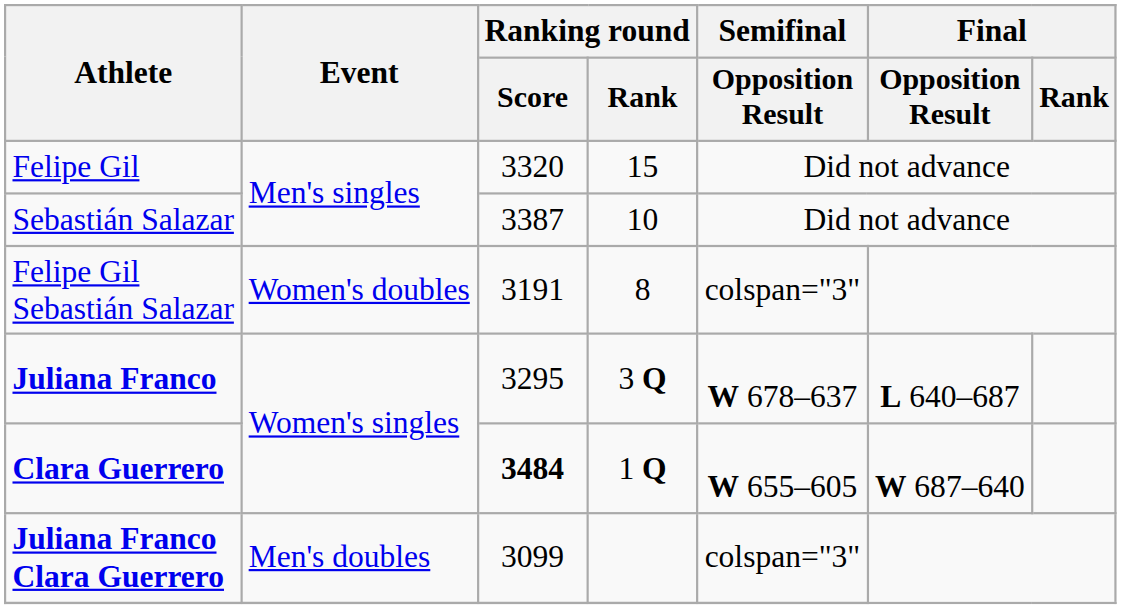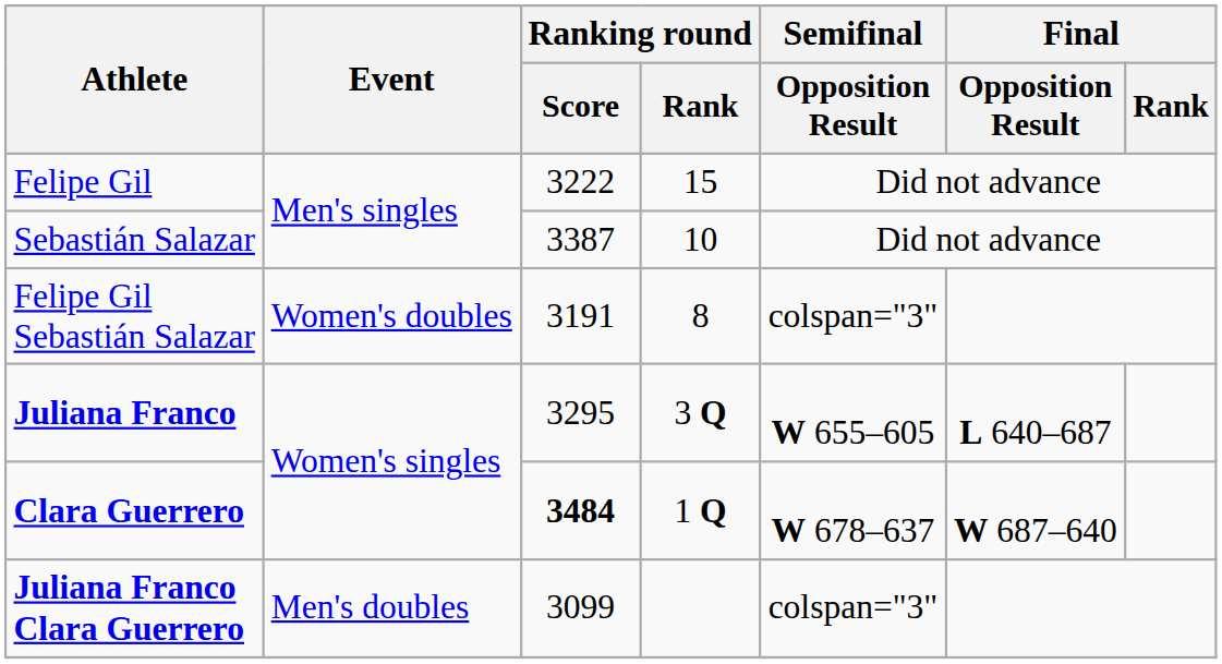 <table class=wikitable style=font-size:90%;text-align:center>
 <tr>
 <th rowspan=2>Athlete</th>
 <th rowspan=2>Event</th>
 <th colspan=2>Ranking round</th>
 <th>Semifinal</th>
 <th colspan=2>Final</th>
 </tr>
 <tr style=font-size:95%>
 <th>Score</th>
 <th>Rank</th>
 <th>Opposition<br>Result</th>
 <th>Opposition<br>Result</th>
 <th>Rank</th>
 </tr>
 <tr>
 <td align=left><a href='#'>Felipe Gil</a></td>
 <td align=left rowspan=2><a href='#'>Men's singles</a></td>
-<td>3320</td>
+<td>3222</td>
 <td>15</td>
 <td colspan="3">Did not advance</td>
 </tr>
 <tr>
 <td align=left><a href='#'>Sebastián Salazar</a></td>
 <td>3387</td>
 <td>10</td>
 <td colspan="3">Did not advance</td>
 </tr>
 <tr>
 <td align=left><a href='#'>Felipe Gil</a><br><a href='#'>Sebastián Salazar</a></td>
 <td align=left><a href='#'>Women's doubles</a></td>
 <td>3191</td>
 <td>8</td>
 <td>colspan="3" </td>
 </tr>
 <tr>
 <td align=left><strong><a href='#'>Juliana Franco</a></strong></td>
 <td align=left rowspan=2><a href='#'>Women's singles</a></td>
 <td>3295</td>
 <td>3 <strong>Q</strong></td>
-<td><br><strong>W</strong> 678–637</td>
+<td><br><strong>W</strong> 655–605</td>
 <td><br><strong>L</strong> 640–687</td>
 <td></td>
 </tr>
 <tr>
 <td align=left><strong><a href='#'>Clara Guerrero</a></strong></td>
 <td><strong>3484</strong></td>
 <td>1 <strong>Q</strong></td>
-<td><br><strong>W</strong> 655–605</td>
+<td><br><strong>W</strong> 678–637</td>
 <td><br><strong>W</strong> 687–640</td>
 <td></td>
 </tr>
 <tr>
 <td align=left><strong><a href='#'>Juliana Franco</a><br><a href='#'>Clara Guerrero</a></strong></td>
 <td align=left><a href='#'>Men's doubles</a></td>
 <td>3099</td>
 <td></td>
 <td>colspan="3" </td>
 </tr>
 <tr>
 </tr>
 </table>
